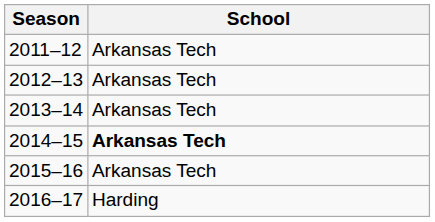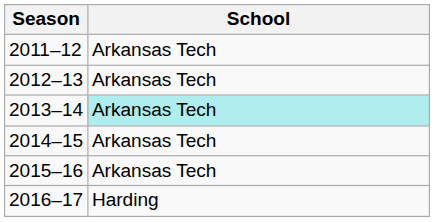 <table class="wikitable">
 <tr>
 <th>Season</th>
 <th width=280>School</th>
 </tr>
 <tr>
 <td>2011–12</td>
 <td>Arkansas Tech</td>
 </tr>
 <tr>
 <td>2012–13</td>
 <td>Arkansas Tech</td>
 </tr>
 <tr>
 <td>2013–14</td>
-<td>Arkansas Tech</td>
+<td style="background: paleturquoise;">Arkansas Tech</td>
 </tr>
 <tr>
 <td>2014–15</td>
-<td><strong>Arkansas Tech</strong></td>
+<td>Arkansas Tech</td>
 </tr>
 <tr>
 <td>2015–16</td>
 <td>Arkansas Tech</td>
 </tr>
 <tr>
 <td>2016–17</td>
 <td>Harding</td>
 </tr>
 </table>
